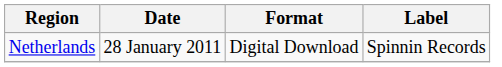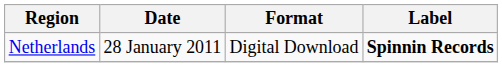 <table class=wikitable>
 <tr>
 <th>Region</th>
 <th>Date</th>
 <th>Format</th>
 <th>Label</th>
 </tr>
 <tr>
 <td><a href='#'>Netherlands</a></td>
 <td>28 January 2011</td>
 <td>Digital Download</td>
-<td>Spinnin Records</td>
+<td><strong>Spinnin Records</strong></td>
 </tr>
 <tr>
 </tr>
 </table>
